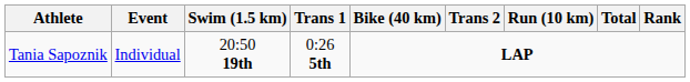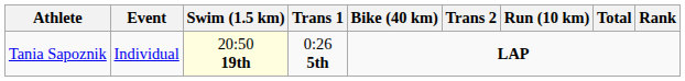 <table class="wikitable" style="font-size:90%">
 <tr>
 <th>Athlete</th>
 <th>Event</th>
 <th>Swim (1.5 km)</th>
 <th>Trans 1</th>
 <th>Bike (40 km)</th>
 <th>Trans 2</th>
 <th>Run (10 km)</th>
 <th>Total</th>
 <th>Rank</th>
 </tr>
 <tr>
 <td><a href='#'>Tania Sapoznik</a></td>
 <td><a href='#'>Individual</a></td>
-<td align=center>20:50<br><strong>19th</strong></td>
+<td align=center style="background: lightyellow;">20:50<br><strong>19th</strong></td>
 <td align=center>0:26<br><strong>5th</strong></td>
 <td align=center colspan="7"><strong>LAP</strong></td>
 </tr>
 </table>
